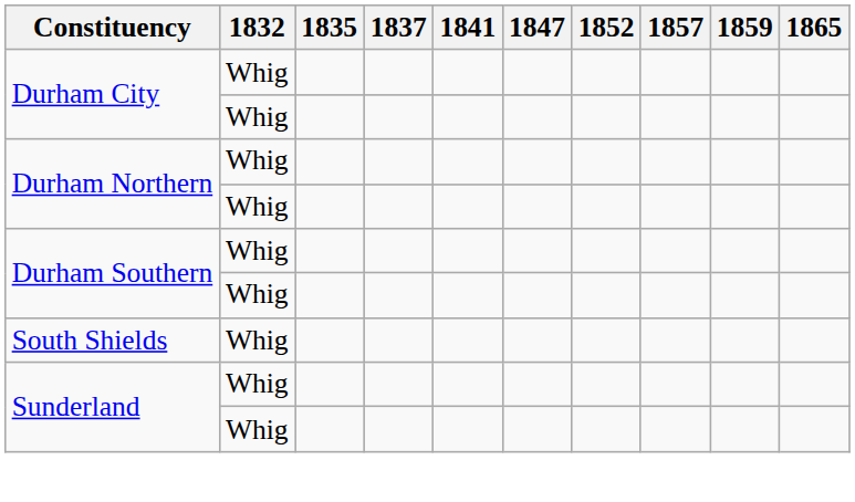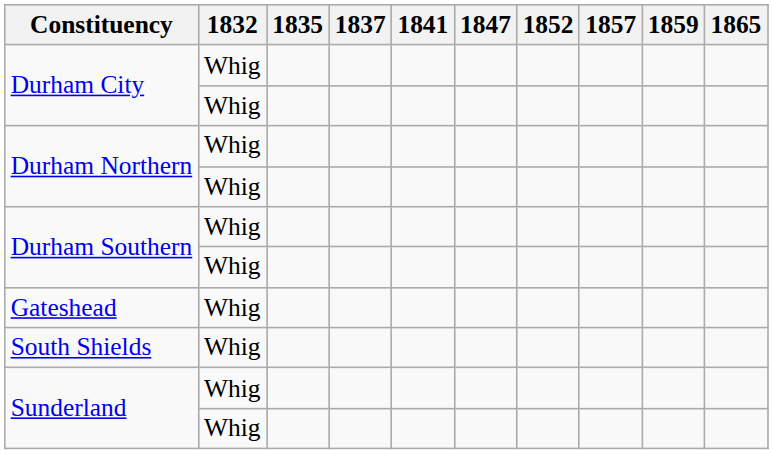 <table class=wikitable sortable>
 <tr>
 <th>Constituency</th>
 <th>1832</th>
 <th>1835</th>
 <th>1837</th>
 <th>1841</th>
 <th>1847</th>
 <th>1852</th>
 <th>1857</th>
 <th>1859</th>
 <th>1865</th>
 </tr>
 <tr>
 <td rowspan="2"><a href='#'>Durham City</a></td>
 <td>Whig</td>
 <td></td>
 <td></td>
 <td></td>
 <td></td>
 <td></td>
 <td></td>
 <td></td>
 <td></td>
 </tr>
 <tr>
 <td>Whig</td>
 <td></td>
 <td></td>
 <td></td>
 <td></td>
 <td></td>
 <td></td>
 <td></td>
 <td></td>
 </tr>
 <tr>
 <td rowspan="2"><a href='#'>Durham Northern</a></td>
 <td>Whig</td>
 <td></td>
 <td></td>
 <td></td>
 <td></td>
 <td></td>
 <td></td>
 <td></td>
 <td></td>
 </tr>
 <tr>
 <td>Whig</td>
 <td></td>
 <td></td>
 <td></td>
 <td></td>
 <td></td>
 <td></td>
 <td></td>
 <td></td>
 </tr>
 <tr>
 <td rowspan="2"><a href='#'>Durham Southern</a></td>
 <td>Whig</td>
 <td></td>
 <td></td>
 <td></td>
 <td></td>
 <td></td>
 <td></td>
 <td></td>
 <td></td>
 </tr>
 <tr>
 <td>Whig</td>
 <td></td>
 <td></td>
 <td></td>
 <td></td>
 <td></td>
 <td></td>
 <td></td>
 <td></td>
 </tr>
 <tr>
+<td><a href='#'>Gateshead</a></td>
+<td>Whig</td>
+<td></td>
+<td></td>
+<td></td>
+<td></td>
+<td></td>
+<td></td>
+<td></td>
+<td></td>
+</tr>
+<tr>
 <td><a href='#'>South Shields</a></td>
 <td>Whig</td>
 <td></td>
 <td></td>
 <td></td>
 <td></td>
 <td></td>
 <td></td>
 <td></td>
 <td></td>
 </tr>
 <tr>
 <td rowspan="2"><a href='#'>Sunderland</a></td>
 <td>Whig</td>
 <td></td>
 <td></td>
 <td></td>
 <td></td>
 <td></td>
 <td></td>
 <td></td>
 <td></td>
 </tr>
 <tr>
 <td>Whig</td>
 <td></td>
 <td></td>
 <td></td>
 <td></td>
 <td></td>
 <td></td>
 <td></td>
 <td></td>
 </tr>
 </table>
